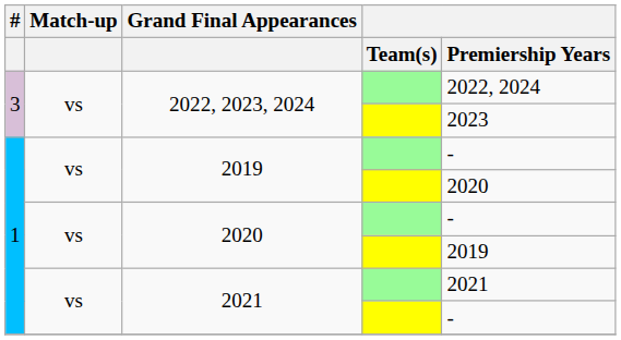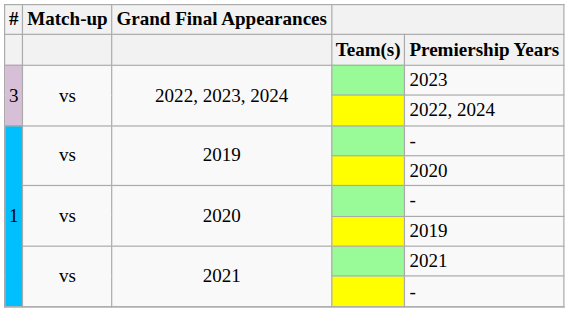 <table class="wikitable unsortable" style="text-align:center">
 <tr>
 <th>#</th>
 <th>Match-up</th>
 <th>Grand Final Appearances</th>
 <th scope="col" colspan="2"></th>
 </tr>
 <tr>
 <th></th>
 <th></th>
 <th></th>
 <th scope="col">Team(s)</th>
 <th scope="col" class="unsortable">Premiership Years</th>
 </tr>
 <tr>
 <td style="background-color:#D8BFD8;" rowspan="2" ;>3</td>
 <td rowspan="2"> vs <br></td>
 <td rowspan="2">2022, 2023, 2024</td>
 <td bgcolor=98FB98></td>
-<td align="left">2022, 2024</td>
+<td align="left">2023</td>
 </tr>
 <tr>
 <td bgcolor=FFFF00></td>
-<td align="left">2023</td>
+<td align="left">2022, 2024</td>
 </tr>
 <tr>
 <td style="background-color:#00BFFF;" rowspan="6" ;>1</td>
 <td rowspan="2"> vs <br></td>
 <td rowspan="2">2019</td>
 <td bgcolor=98FB98></td>
 <td align="left">-</td>
 </tr>
 <tr>
 <td bgcolor=FFFF00></td>
 <td align="left">2020</td>
 </tr>
 <tr>
 <td rowspan="2"> vs <br></td>
 <td rowspan="2">2020</td>
 <td bgcolor=98FB98></td>
 <td align="left">-</td>
 </tr>
 <tr>
 <td bgcolor=FFFF00></td>
 <td align="left">2019</td>
 </tr>
 <tr>
 <td rowspan="2"> vs <br></td>
 <td rowspan="2">2021</td>
 <td bgcolor=98FB98></td>
 <td align="left">2021</td>
 </tr>
 <tr>
 <td bgcolor=FFFF00></td>
 <td align="left">-</td>
 </tr>
 <tr>
 </tr>
 </table>
